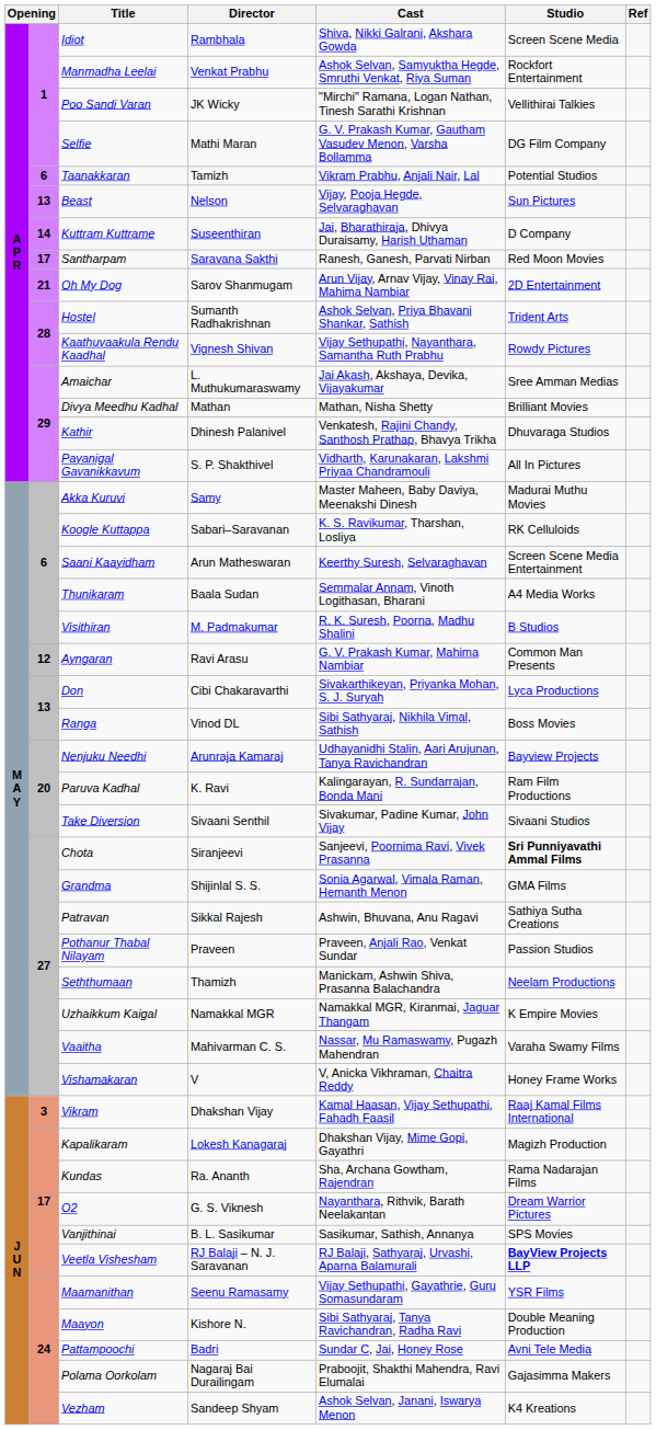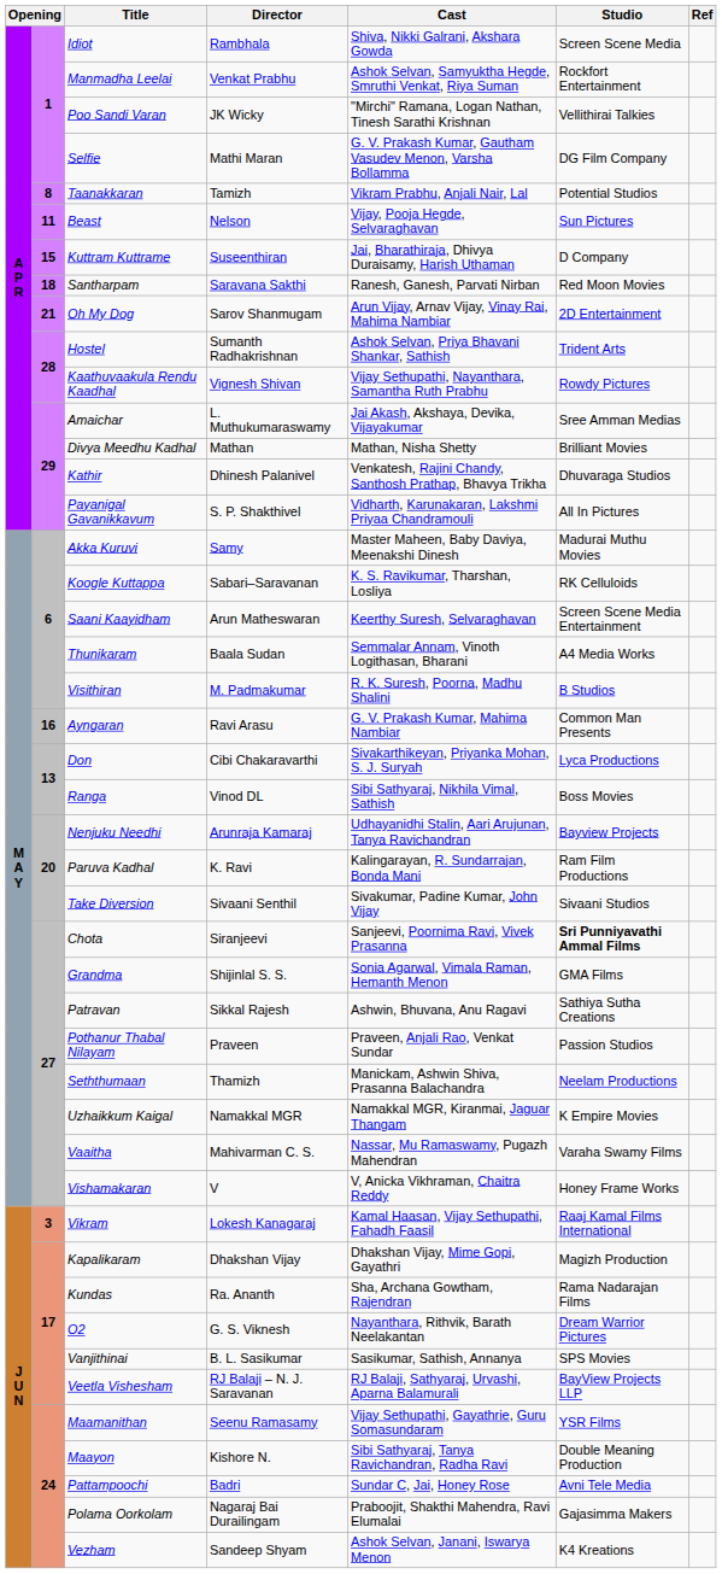 <table class="wikitable sortable">
 <tr>
 <th colspan="2">Opening</th>
 <th style="width:20%;">Title</th>
 <th>Director</th>
 <th>Cast</th>
 <th>Studio</th>
 <th>Ref</th>
 </tr>
 <tr>
 <td rowspan="15" style="text-align:center; background:#a0f; textcolor:#d580ff;"><strong>A<br>P<br>R</strong></td>
 <td rowspan="4" style="text-align:center; background:#d580ff"><strong>1</strong></td>
 <td><em><a href='#'>Idiot</a></em></td>
 <td><a href='#'>Rambhala</a></td>
 <td><a href='#'>Shiva</a>, <a href='#'>Nikki Galrani</a>, <a href='#'>Akshara Gowda</a></td>
 <td>Screen Scene Media</td>
 <td></td>
 </tr>
 <tr>
 <td><em><a href='#'>Manmadha Leelai</a></em></td>
 <td><a href='#'>Venkat Prabhu</a></td>
 <td><a href='#'>Ashok Selvan</a>, <a href='#'>Samyuktha Hegde</a>, <a href='#'>Smruthi Venkat</a>, <a href='#'>Riya Suman</a></td>
 <td>Rockfort Entertainment</td>
 <td></td>
 </tr>
 <tr>
 <td><em><a href='#'>Poo Sandi Varan</a></em></td>
 <td>JK Wicky</td>
 <td>"Mirchi" Ramana, Logan Nathan, Tinesh Sarathi Krishnan</td>
 <td>Vellithirai Talkies</td>
 <td></td>
 </tr>
 <tr>
 <td><em><a href='#'>Selfie</a></em></td>
 <td>Mathi Maran</td>
 <td><a href='#'>G. V. Prakash Kumar</a>, <a href='#'>Gautham Vasudev Menon</a>, <a href='#'>Varsha Bollamma</a></td>
 <td>DG Film Company</td>
 <td></td>
 </tr>
 <tr>
-<td style="text-align:center; background:#d580ff;"><strong>6</strong></td>
+<td style="text-align:center; background:#d580ff;"><strong>8</strong></td>
 <td><em><a href='#'>Taanakkaran</a></em></td>
 <td>Tamizh</td>
 <td><a href='#'>Vikram Prabhu</a>, <a href='#'>Anjali Nair</a>, <a href='#'>Lal</a></td>
 <td>Potential Studios</td>
 <td></td>
 </tr>
 <tr>
-<td style="text-align:center; background:#d580ff;"><strong>13</strong></td>
+<td style="text-align:center; background:#d580ff;"><strong>11</strong></td>
 <td><em><a href='#'>Beast</a></em></td>
 <td><a href='#'>Nelson</a></td>
 <td><a href='#'>Vijay</a>, <a href='#'>Pooja Hegde</a>, <a href='#'>Selvaraghavan</a></td>
 <td><a href='#'>Sun Pictures</a></td>
 <td></td>
 </tr>
 <tr>
-<td style="text-align:center; background:#d580ff;"><strong>14</strong></td>
+<td style="text-align:center; background:#d580ff;"><strong>15</strong></td>
 <td><em><a href='#'>Kuttram Kuttrame</a></em></td>
 <td><a href='#'>Suseenthiran</a></td>
 <td><a href='#'>Jai</a>, <a href='#'>Bharathiraja</a>, Dhivya Duraisamy, <a href='#'>Harish Uthaman</a></td>
 <td>D Company</td>
 <td></td>
 </tr>
 <tr>
-<td style="text-align:center; background:#d580ff;"><strong>17</strong></td>
+<td style="text-align:center; background:#d580ff;"><strong>18</strong></td>
 <td><em>Santharpam </em></td>
 <td><a href='#'>Saravana Sakthi</a></td>
 <td>Ranesh, Ganesh, Parvati Nirban</td>
 <td>Red Moon Movies</td>
 <td></td>
 </tr>
 <tr>
 <td style="text-align:center; background:#d580ff;"><strong>21</strong></td>
 <td><em><a href='#'>Oh My Dog</a></em></td>
 <td>Sarov Shanmugam</td>
 <td><a href='#'>Arun Vijay</a>, Arnav Vijay, <a href='#'>Vinay Rai</a>, <a href='#'>Mahima Nambiar</a></td>
 <td><a href='#'>2D Entertainment</a></td>
 <td></td>
 </tr>
 <tr>
 <td rowspan="2" style="text-align:center; background:#d580ff"><strong>28</strong></td>
 <td><em><a href='#'>Hostel</a></em></td>
 <td>Sumanth Radhakrishnan</td>
 <td><a href='#'>Ashok Selvan</a>, <a href='#'>Priya Bhavani Shankar</a>, <a href='#'>Sathish</a></td>
 <td><a href='#'>Trident Arts</a></td>
 <td></td>
 </tr>
 <tr>
 <td><em><a href='#'>Kaathuvaakula Rendu Kaadhal</a></em></td>
 <td><a href='#'>Vignesh Shivan</a></td>
 <td><a href='#'>Vijay Sethupathi</a>, <a href='#'>Nayanthara</a>, <a href='#'>Samantha Ruth Prabhu</a></td>
 <td><a href='#'>Rowdy Pictures</a></td>
 <td></td>
 </tr>
 <tr>
 <td rowspan="4" style="text-align:center; background:#d580ff"><strong>29</strong></td>
 <td><em>Amaichar</em></td>
 <td>L. Muthukumaraswamy</td>
 <td><a href='#'>Jai Akash</a>, Akshaya, Devika, <a href='#'>Vijayakumar</a></td>
 <td>Sree Amman Medias</td>
 <td></td>
 </tr>
 <tr>
 <td><em>Divya Meedhu Kadhal</em></td>
 <td>Mathan</td>
 <td>Mathan, Nisha Shetty</td>
 <td>Brilliant Movies</td>
 <td></td>
 </tr>
 <tr>
 <td><em><a href='#'>Kathir</a></em></td>
 <td>Dhinesh Palanivel</td>
 <td>Venkatesh, <a href='#'>Rajini Chandy</a>, <a href='#'>Santhosh Prathap</a>, Bhavya Trikha</td>
 <td>Dhuvaraga Studios</td>
 <td></td>
 </tr>
 <tr>
 <td><em><a href='#'>Payanigal Gavanikkavum</a></em></td>
 <td>S. P. Shakthivel</td>
 <td><a href='#'>Vidharth</a>, <a href='#'>Karunakaran</a>, <a href='#'>Lakshmi Priyaa Chandramouli</a></td>
 <td>All In Pictures</td>
 <td></td>
 </tr>
 <tr>
 <td rowspan="19" style="text-align:center; background:#91a3b0; textcolor:#000;"><strong>M<br>A<br>Y</strong></td>
 <td rowspan="5" style="text-align:center; background:silver"><strong>6</strong></td>
 <td><em><a href='#'>Akka Kuruvi</a></em></td>
 <td><a href='#'>Samy</a></td>
 <td>Master Maheen, Baby Daviya, Meenakshi Dinesh</td>
 <td>Madurai Muthu Movies</td>
 <td></td>
 </tr>
 <tr>
 <td><em><a href='#'>Koogle Kuttappa</a></em></td>
 <td>Sabari–Saravanan</td>
 <td><a href='#'>K. S. Ravikumar</a>, Tharshan, Losliya</td>
 <td>RK Celluloids</td>
 <td></td>
 </tr>
 <tr>
 <td><em><a href='#'>Saani Kaayidham</a></em></td>
 <td>Arun Matheswaran</td>
 <td><a href='#'>Keerthy Suresh</a>, <a href='#'>Selvaraghavan</a></td>
 <td>Screen Scene Media Entertainment</td>
 <td></td>
 </tr>
 <tr>
 <td><em><a href='#'>Thunikaram</a></em></td>
 <td>Baala Sudan</td>
 <td><a href='#'>Semmalar Annam</a>, Vinoth Logithasan, Bharani</td>
 <td>A4 Media Works</td>
 <td></td>
 </tr>
 <tr>
 <td><em><a href='#'>Visithiran</a></em></td>
 <td><a href='#'>M. Padmakumar</a></td>
 <td><a href='#'>R. K. Suresh</a>, <a href='#'>Poorna</a>, <a href='#'>Madhu Shalini</a></td>
 <td><a href='#'>B Studios</a></td>
 <td></td>
 </tr>
 <tr>
-<td style="text-align:center; background:silver;"><strong>12</strong></td>
+<td style="text-align:center; background:silver;"><strong>16</strong></td>
 <td><em><a href='#'>Ayngaran</a></em></td>
 <td>Ravi Arasu</td>
 <td><a href='#'>G. V. Prakash Kumar</a>, <a href='#'>Mahima Nambiar</a></td>
 <td>Common Man Presents</td>
 <td></td>
 </tr>
 <tr>
 <td rowspan="2" style="text-align:center; background:silver"><strong>13</strong></td>
 <td><em><a href='#'>Don</a></em></td>
 <td>Cibi Chakaravarthi</td>
 <td><a href='#'>Sivakarthikeyan</a>, <a href='#'>Priyanka Mohan</a>, <a href='#'>S. J. Suryah</a></td>
 <td><a href='#'>Lyca Productions</a></td>
 <td></td>
 </tr>
 <tr>
 <td><em><a href='#'>Ranga</a></em></td>
 <td>Vinod DL</td>
 <td><a href='#'>Sibi Sathyaraj</a>, <a href='#'>Nikhila Vimal</a>, <a href='#'>Sathish</a></td>
 <td>Boss Movies</td>
 <td></td>
 </tr>
 <tr>
 <td rowspan="3" style="text-align:center; background:silver"><strong>20</strong></td>
 <td><em><a href='#'>Nenjuku Needhi</a></em></td>
 <td><a href='#'>Arunraja Kamaraj</a></td>
 <td><a href='#'>Udhayanidhi Stalin</a>, <a href='#'>Aari Arujunan</a>, <a href='#'>Tanya Ravichandran</a></td>
 <td><a href='#'>Bayview Projects</a></td>
 <td></td>
 </tr>
 <tr>
 <td><em>Paruva Kadhal</em></td>
 <td>K. Ravi</td>
 <td>Kalingarayan, <a href='#'>R. Sundarrajan</a>, <a href='#'>Bonda Mani</a></td>
 <td>Ram Film Productions</td>
 <td></td>
 </tr>
 <tr>
 <td><em><a href='#'>Take Diversion</a></em></td>
 <td>Sivaani Senthil</td>
 <td>Sivakumar, Padine Kumar, <a href='#'>John Vijay</a></td>
 <td>Sivaani Studios</td>
 <td></td>
 </tr>
 <tr>
 <td rowspan="8" style="text-align:center; background:silver"><strong>27</strong></td>
 <td><em>Chota</em></td>
 <td>Siranjeevi</td>
 <td>Sanjeevi, <a href='#'>Poornima Ravi</a>, <a href='#'>Vivek Prasanna</a></td>
 <td><strong>Sri Punniyavathi Ammal Films</strong></td>
 <td></td>
 </tr>
 <tr>
 <td><em><a href='#'>Grandma</a></em></td>
 <td>Shijinlal S. S.</td>
 <td><a href='#'>Sonia Agarwal</a>, <a href='#'>Vimala Raman</a>, <a href='#'>Hemanth Menon</a></td>
 <td>GMA Films</td>
 <td></td>
 </tr>
 <tr>
 <td><em>Patravan</em></td>
 <td>Sikkal Rajesh</td>
 <td>Ashwin, Bhuvana, Anu Ragavi</td>
 <td>Sathiya Sutha Creations</td>
 <td></td>
 </tr>
 <tr>
 <td><em><a href='#'>Pothanur Thabal Nilayam</a></em></td>
 <td>Praveen</td>
 <td>Praveen, <a href='#'>Anjali Rao</a>, Venkat Sundar</td>
 <td>Passion Studios</td>
 <td></td>
 </tr>
 <tr>
 <td><em><a href='#'>Seththumaan</a></em></td>
 <td>Thamizh</td>
 <td>Manickam, Ashwin Shiva, Prasanna Balachandra</td>
 <td><a href='#'>Neelam Productions</a></td>
 <td></td>
 </tr>
 <tr>
 <td><em>Uzhaikkum Kaigal</em></td>
 <td>Namakkal MGR</td>
 <td>Namakkal MGR, Kiranmai, <a href='#'>Jaguar Thangam</a></td>
 <td>K Empire Movies</td>
 <td></td>
 </tr>
 <tr>
 <td><em><a href='#'>Vaaitha</a></em></td>
 <td>Mahivarman C. S.</td>
 <td><a href='#'>Nassar</a>, <a href='#'>Mu Ramaswamy</a>, Pugazh Mahendran</td>
 <td>Varaha Swamy Films</td>
 <td></td>
 </tr>
 <tr>
 <td><em><a href='#'>Vishamakaran</a></em></td>
 <td>V</td>
 <td>V, Anicka Vikhraman, <a href='#'>Chaitra Reddy</a></td>
 <td>Honey Frame Works</td>
 <td></td>
 </tr>
 <tr>
 <td rowspan="11" style="text-align:center; background:#CD7F32; textcolor:#000;"><strong>J<br>U<br>N</strong></td>
 <td style="text-align:center; background:#e9967a;"><strong>3</strong></td>
 <td><em><a href='#'>Vikram</a></em></td>
-<td>Dhakshan Vijay</td>
+<td><a href='#'>Lokesh Kanagaraj</a></td>
 <td><a href='#'>Kamal Haasan</a>, <a href='#'>Vijay Sethupathi</a>, <a href='#'>Fahadh Faasil</a></td>
 <td><a href='#'>Raaj Kamal Films International</a></td>
 <td></td>
 </tr>
 <tr>
 <td rowspan="5" style="text-align:center; background:#e9967a"><strong>17</strong></td>
 <td><em>Kapalikaram</em></td>
-<td><a href='#'>Lokesh Kanagaraj</a></td>
+<td>Dhakshan Vijay</td>
 <td>Dhakshan Vijay, <a href='#'>Mime Gopi</a>, Gayathri</td>
 <td>Magizh Production</td>
 <td></td>
 </tr>
 <tr>
 <td><em>Kundas</em></td>
 <td>Ra. Ananth</td>
 <td>Sha, Archana Gowtham, <a href='#'>Rajendran</a></td>
 <td>Rama Nadarajan Films</td>
 <td></td>
 </tr>
 <tr>
 <td><em><a href='#'>O2</a></em></td>
 <td>G. S. Viknesh</td>
 <td><a href='#'>Nayanthara</a>, Rithvik, Barath Neelakantan</td>
 <td><a href='#'>Dream Warrior Pictures</a></td>
 <td></td>
 </tr>
 <tr>
 <td><em>Vanjithinai</em></td>
 <td>B. L. Sasikumar</td>
 <td>Sasikumar, Sathish, Annanya</td>
 <td>SPS Movies</td>
 <td></td>
 </tr>
 <tr>
 <td><em><a href='#'>Veetla Vishesham</a></em></td>
 <td><a href='#'>RJ Balaji</a> – N. J. Saravanan</td>
 <td><a href='#'>RJ Balaji</a>, <a href='#'>Sathyaraj</a>, <a href='#'>Urvashi</a>, <a href='#'>Aparna Balamurali</a></td>
-<td><strong><a href='#'>BayView Projects LLP</a></strong></td>
+<td><a href='#'>BayView Projects LLP</a></td>
 <td></td>
 </tr>
 <tr>
 <td rowspan="5" style="text-align:center; background:#e9967a"><strong>24</strong></td>
 <td><em><a href='#'>Maamanithan</a></em></td>
 <td><a href='#'>Seenu Ramasamy</a></td>
 <td><a href='#'>Vijay Sethupathi</a>, <a href='#'>Gayathrie</a>, <a href='#'>Guru Somasundaram</a></td>
 <td><a href='#'>YSR Films</a></td>
 <td></td>
 </tr>
 <tr>
 <td><em><a href='#'>Maayon</a></em></td>
 <td>Kishore N.</td>
 <td><a href='#'>Sibi Sathyaraj</a>, <a href='#'>Tanya Ravichandran</a>, <a href='#'>Radha Ravi</a></td>
 <td>Double Meaning Production</td>
 <td></td>
 </tr>
 <tr>
 <td><em><a href='#'>Pattampoochi</a></em></td>
 <td><a href='#'>Badri</a></td>
 <td><a href='#'>Sundar C</a>, <a href='#'>Jai</a>, <a href='#'>Honey Rose</a></td>
 <td><a href='#'>Avni Tele Media</a></td>
 <td></td>
 </tr>
 <tr>
 <td><em>Polama Oorkolam</em></td>
 <td>Nagaraj Bai Durailingam</td>
 <td>Praboojit, Shakthi Mahendra, Ravi Elumalai</td>
 <td>Gajasimma Makers</td>
 <td></td>
 </tr>
 <tr>
 <td><em><a href='#'>Vezham</a></em></td>
 <td>Sandeep Shyam</td>
 <td><a href='#'>Ashok Selvan</a>, <a href='#'>Janani</a>, <a href='#'>Iswarya Menon</a></td>
 <td>K4 Kreations</td>
 <td></td>
 </tr>
 </table>
